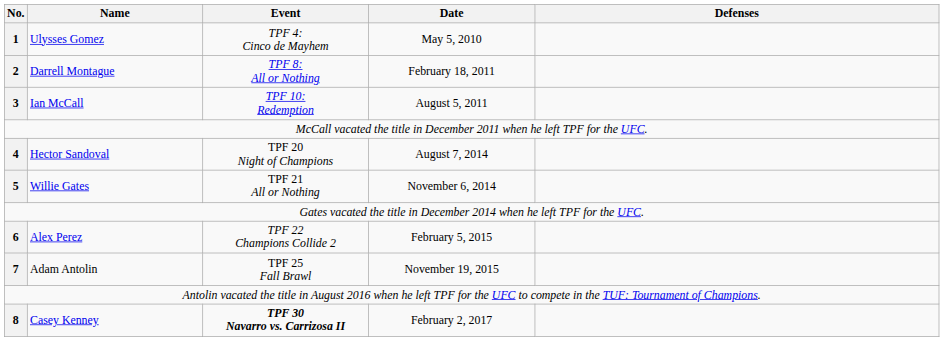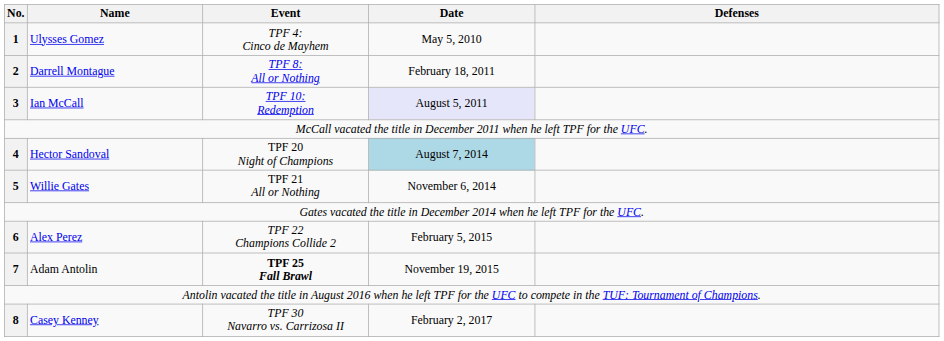 <table class="wikitable" width=100%>
 <tr>
 <th width=1%>No.</th>
 <th width=19%>Name</th>
 <th width=18%>Event</th>
 <th width=18%>Date</th>
 <th width=44%>Defenses</th>
 </tr>
 <tr>
 <th>1</th>
 <td align=left> <a href='#'>Ulysses Gomez</a><br></td>
 <td align=center><em>TPF 4:</em><br><em>Cinco de Mayhem</em><br></td>
 <td align=center>May 5, 2010</td>
 <td></td>
 </tr>
 <tr>
 <th>2</th>
 <td align=left> <a href='#'>Darrell Montague</a><br></td>
 <td align=center><em><a href='#'>TPF 8:</a></em><br><em><a href='#'>All or Nothing</a></em><br></td>
 <td align=center>February 18, 2011</td>
 <td></td>
 </tr>
 <tr>
 <th>3</th>
 <td align=left> <a href='#'>Ian McCall</a><br></td>
 <td align=center><em><a href='#'>TPF 10:</a></em><br><em><a href='#'>Redemption</a></em><br></td>
-<td align=center>August 5, 2011</td>
+<td align=center style="background: lavender;">August 5, 2011</td>
 <td></td>
 </tr>
 <tr>
 <td align="center" colspan="5"><em>McCall vacated the title in December 2011 when he left TPF for the <a href='#'>UFC</a>.</em></td>
 </tr>
 <tr>
 <th>4</th>
 <td align=left> <a href='#'>Hector Sandoval</a><br></td>
 <td align=center>TPF 20<br><em>Night of Champions</em><br></td>
-<td align=center>August 7, 2014</td>
+<td align=center style="background: lightblue;">August 7, 2014</td>
 <td></td>
 </tr>
 <tr>
 <th>5</th>
 <td align=left> <a href='#'>Willie Gates</a><br></td>
 <td align=center>TPF 21<br><em>All or Nothing</em><br></td>
 <td align=center>November 6, 2014</td>
 <td></td>
 </tr>
 <tr>
 <td align="center" colspan="5"><em>Gates vacated the title in December 2014 when he left TPF for the <a href='#'>UFC</a>.</em></td>
 </tr>
 <tr>
 <th>6</th>
 <td align=left> <a href='#'>Alex Perez</a><br></td>
 <td align=center><em>TPF 22</em><br><em>Champions Collide 2</em><br></td>
 <td align=center>February 5, 2015</td>
 <td></td>
 </tr>
 <tr>
 <th>7</th>
 <td align=left> Adam Antolin<br></td>
-<td align=center>TPF 25<br><em>Fall Brawl</em><br></td>
+<td align=center><strong>TPF 25<br><em>Fall Brawl</em><br></strong></td>
 <td align=center>November 19, 2015</td>
 <td></td>
 </tr>
 <tr>
 <td align="center" colspan="5"><em>Antolin vacated the title in August 2016 when he left TPF for the <a href='#'>UFC</a> to compete in the <a href='#'>TUF: Tournament of Champions</a>.</em></td>
 </tr>
 <tr>
 <th>8</th>
 <td align=left> <a href='#'>Casey Kenney</a><br></td>
-<td align=center><strong><em>TPF 30</em><br><em>Navarro vs. Carrizosa II</em><br></strong></td>
+<td align=center><em>TPF 30</em><br><em>Navarro vs. Carrizosa II</em><br></td>
 <td align=center>February 2, 2017</td>
 <td></td>
 </tr>
 </table>
